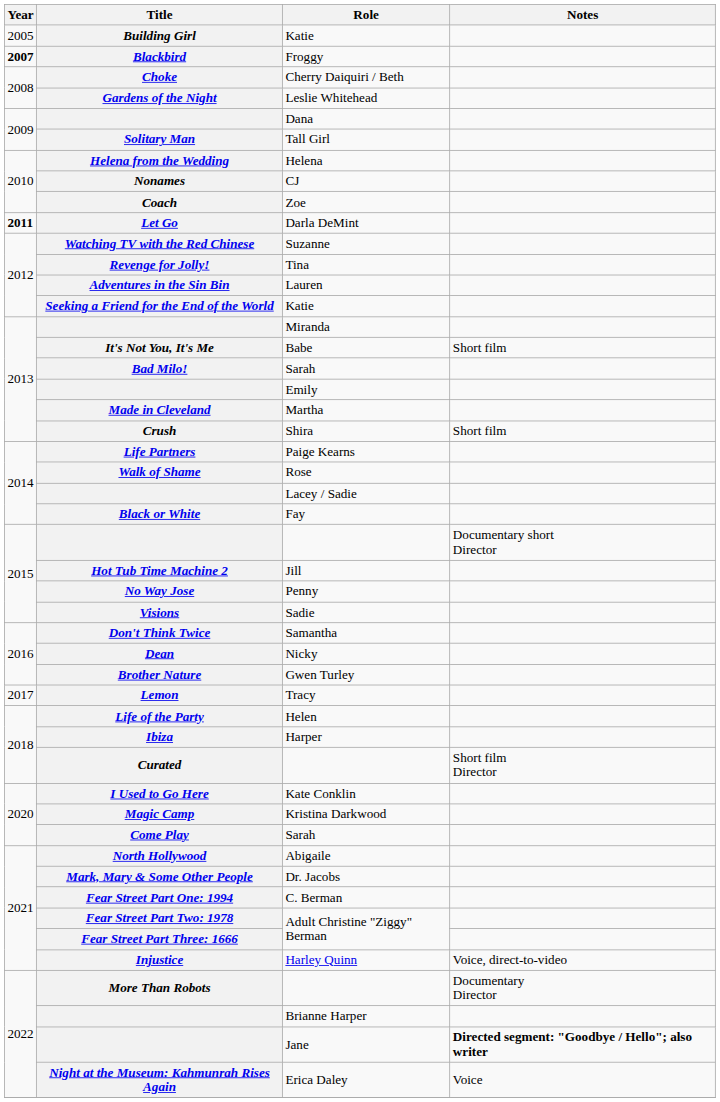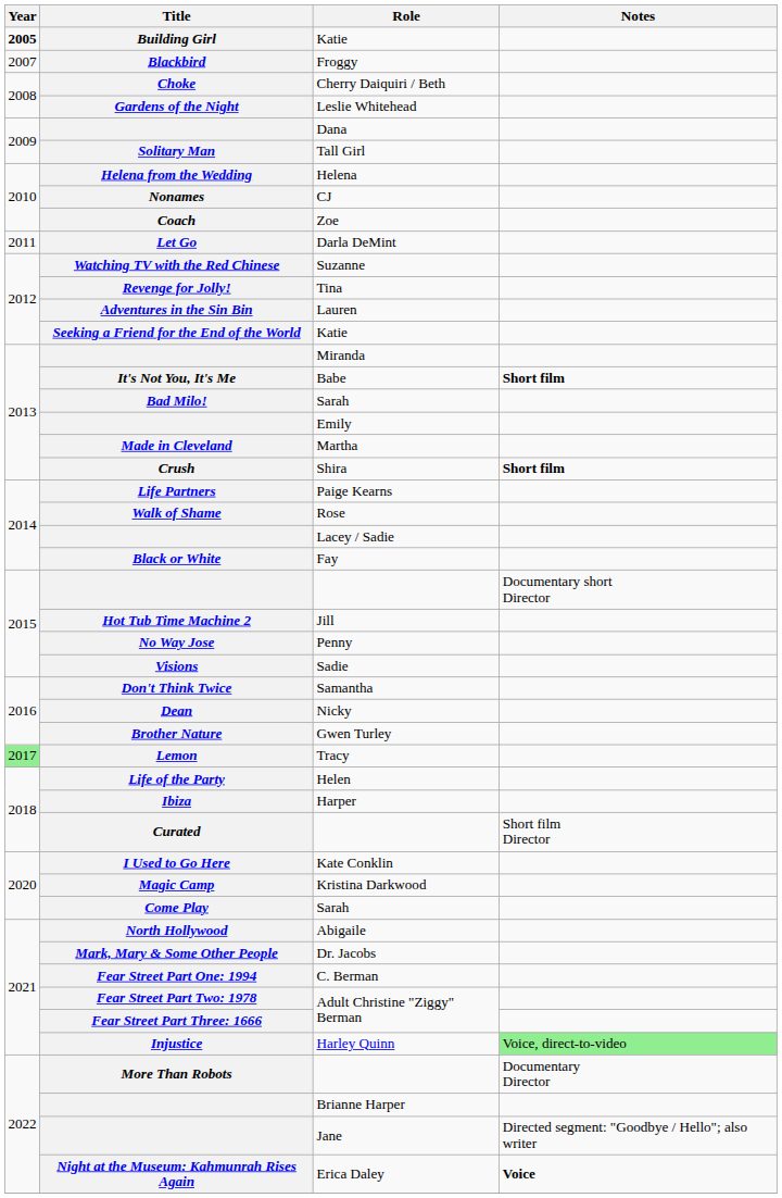 <table class="wikitable sortable plainrowheaders">
 <tr>
 <th scope="col">Year</th>
 <th scope="col">Title</th>
 <th scope="col">Role</th>
 <th scope="col" class="unsortable">Notes</th>
 </tr>
 <tr>
-<td>2005</td>
+<td><strong>2005</strong></td>
 <th scope="row"><em>Building Girl</em></th>
 <td>Katie</td>
 <td></td>
 </tr>
 <tr>
-<td><strong>2007</strong></td>
+<td>2007</td>
 <th scope="row"><em><a href='#'>Blackbird</a></em></th>
 <td>Froggy</td>
 <td></td>
 </tr>
 <tr>
 <td rowspan=2>2008</td>
 <th scope="row"><em><a href='#'>Choke</a></em></th>
 <td>Cherry Daiquiri / Beth</td>
 <td></td>
 </tr>
 <tr>
 <th scope="row"><em><a href='#'>Gardens of the Night</a></em></th>
 <td>Leslie Whitehead</td>
 <td></td>
 </tr>
 <tr>
 <td rowspan=2>2009</td>
 <th scope="row"><em></em></th>
 <td>Dana</td>
 <td></td>
 </tr>
 <tr>
 <th scope="row"><em><a href='#'>Solitary Man</a></em></th>
 <td>Tall Girl</td>
 <td></td>
 </tr>
 <tr>
 <td rowspan=3>2010</td>
 <th scope="row"><em><a href='#'>Helena from the Wedding</a></em></th>
 <td>Helena</td>
 <td></td>
 </tr>
 <tr>
 <th scope="row"><em>Nonames</em></th>
 <td>CJ</td>
 <td></td>
 </tr>
 <tr>
 <th scope="row"><em>Coach</em></th>
 <td>Zoe</td>
 <td></td>
 </tr>
 <tr>
-<td><strong>2011</strong></td>
+<td>2011</td>
 <th scope="row"><em><a href='#'>Let Go</a></em></th>
 <td>Darla DeMint</td>
 <td></td>
 </tr>
 <tr>
 <td rowspan=4>2012</td>
 <th scope="row"><em><a href='#'>Watching TV with the Red Chinese</a></em></th>
 <td>Suzanne</td>
 <td></td>
 </tr>
 <tr>
 <th scope="row"><em><a href='#'>Revenge for Jolly!</a></em></th>
 <td>Tina</td>
 <td></td>
 </tr>
 <tr>
 <th scope="row"><em><a href='#'>Adventures in the Sin Bin</a></em></th>
 <td>Lauren</td>
 <td></td>
 </tr>
 <tr>
 <th scope="row"><em><a href='#'>Seeking a Friend for the End of the World</a></em></th>
 <td>Katie</td>
 <td></td>
 </tr>
 <tr>
 <td rowspan=6>2013</td>
 <th scope="row"><em></em></th>
 <td>Miranda</td>
 <td></td>
 </tr>
 <tr>
 <th scope="row"><em>It's Not You, It's Me</em></th>
 <td>Babe</td>
-<td>Short film</td>
+<td><strong>Short film</strong></td>
 </tr>
 <tr>
 <th scope="row"><em><a href='#'>Bad Milo!</a></em></th>
 <td>Sarah</td>
 <td></td>
 </tr>
 <tr>
 <th scope="row"><em></em></th>
 <td>Emily</td>
 <td></td>
 </tr>
 <tr>
 <th scope="row"><em><a href='#'>Made in Cleveland</a></em></th>
 <td>Martha</td>
 <td></td>
 </tr>
 <tr>
 <th scope="row"><em>Crush</em></th>
 <td>Shira</td>
-<td>Short film</td>
+<td><strong>Short film</strong></td>
 </tr>
 <tr>
 <td rowspan=4>2014</td>
 <th scope="row"><em><a href='#'>Life Partners</a></em></th>
 <td>Paige Kearns</td>
 <td></td>
 </tr>
 <tr>
 <th scope="row"><em><a href='#'>Walk of Shame</a></em></th>
 <td>Rose</td>
 <td></td>
 </tr>
 <tr>
 <th scope="row"><em></em></th>
 <td>Lacey / Sadie</td>
 <td></td>
 </tr>
 <tr>
 <th scope="row"><em><a href='#'>Black or White</a></em></th>
 <td>Fay</td>
 <td></td>
 </tr>
 <tr>
 <td rowspan=4>2015</td>
 <th scope="row"><em></em></th>
 <td></td>
 <td>Documentary short<br>Director</td>
 </tr>
 <tr>
 <th scope="row"><em><a href='#'>Hot Tub Time Machine 2</a></em></th>
 <td>Jill</td>
 <td></td>
 </tr>
 <tr>
 <th scope="row"><em><a href='#'>No Way Jose</a></em></th>
 <td>Penny</td>
 <td></td>
 </tr>
 <tr>
 <th scope="row"><em><a href='#'>Visions</a></em></th>
 <td>Sadie</td>
 <td></td>
 </tr>
 <tr>
 <td rowspan=3>2016</td>
 <th scope="row"><em><a href='#'>Don't Think Twice</a></em></th>
 <td>Samantha</td>
 <td></td>
 </tr>
 <tr>
 <th scope="row"><em><a href='#'>Dean</a></em></th>
 <td>Nicky</td>
 <td></td>
 </tr>
 <tr>
 <th scope="row"><em><a href='#'>Brother Nature</a></em></th>
 <td>Gwen Turley</td>
 <td></td>
 </tr>
 <tr>
-<td>2017</td>
+<td style="background: lightgreen;">2017</td>
 <th scope="row"><em><a href='#'>Lemon</a></em></th>
 <td>Tracy</td>
 <td></td>
 </tr>
 <tr>
 <td rowspan=3>2018</td>
 <th scope="row"><em><a href='#'>Life of the Party</a></em></th>
 <td>Helen</td>
 <td></td>
 </tr>
 <tr>
 <th scope="row"><em><a href='#'>Ibiza</a></em></th>
 <td>Harper</td>
 <td></td>
 </tr>
 <tr>
 <th scope="row"><em>Curated</em></th>
 <td></td>
 <td>Short film<br>Director</td>
 </tr>
 <tr>
 <td rowspan=3>2020</td>
 <th scope="row"><em><a href='#'>I Used to Go Here</a></em></th>
 <td>Kate Conklin</td>
 <td></td>
 </tr>
 <tr>
 <th scope="row"><em><a href='#'>Magic Camp</a></em></th>
 <td>Kristina Darkwood</td>
 <td></td>
 </tr>
 <tr>
 <th scope="row"><em><a href='#'>Come Play</a></em></th>
 <td>Sarah</td>
 <td></td>
 </tr>
 <tr>
 <td rowspan="6">2021</td>
 <th scope="row"><em><a href='#'>North Hollywood</a></em></th>
 <td>Abigaile</td>
 <td></td>
 </tr>
 <tr>
 <th scope="row"><em><a href='#'>Mark, Mary & Some Other People</a></em></th>
 <td>Dr. Jacobs</td>
 <td></td>
 </tr>
 <tr>
 <th scope="row"><em><a href='#'>Fear Street Part One: 1994</a></em></th>
 <td>C. Berman</td>
 <td></td>
 </tr>
 <tr>
 <th scope="row"><em><a href='#'>Fear Street Part Two: 1978</a></em></th>
 <td rowspan="2">Adult Christine "Ziggy" Berman</td>
 <td></td>
 </tr>
 <tr>
 <th scope="row"><em><a href='#'>Fear Street Part Three: 1666</a></em></th>
 <td></td>
 </tr>
 <tr>
 <th scope="row"><em><a href='#'>Injustice</a></em></th>
 <td><a href='#'>Harley Quinn</a></td>
-<td>Voice, direct-to-video</td>
+<td style="background: lightgreen;">Voice, direct-to-video</td>
 </tr>
 <tr>
 <td rowspan=4>2022</td>
 <th scope="row"><em>More Than Robots</em></th>
 <td></td>
 <td>Documentary<br>Director</td>
 </tr>
 <tr>
 <th scope="row"><em></em></th>
 <td>Brianne Harper</td>
 <td></td>
 </tr>
 <tr>
 <th scope="row"><em></em></th>
 <td>Jane</td>
-<td><strong>Directed segment: "Goodbye / Hello"; also writer</strong></td>
+<td>Directed segment: "Goodbye / Hello"; also writer</td>
 </tr>
 <tr>
 <th scope="row"><em><a href='#'>Night at the Museum: Kahmunrah Rises Again</a></em></th>
 <td>Erica Daley</td>
-<td>Voice</td>
+<td><strong>Voice</strong></td>
 </tr>
 <tr>
 </tr>
 </table>
